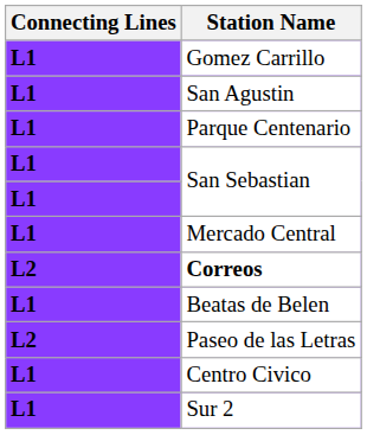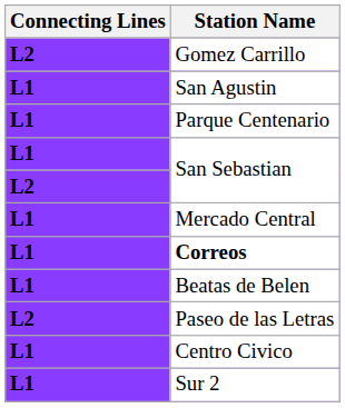 <table class="wikitable">
 <tr>
 <th>Connecting Lines</th>
 <th>Station Name</th>
 </tr>
 <tr style="background-color:#893BFF;">
-<td><strong>L1</strong></td>
+<td><strong>L2</strong></td>
 <td style="background-color:white;" rowspan="1">Gomez Carrillo</td>
 </tr>
 <tr style="background-color:#893BFF;">
 <td><strong>L1</strong></td>
 <td style="background-color:white;" rowspan="1">San Agustin</td>
 </tr>
 <tr style="background-color:#893BFF;">
 <td><strong>L1</strong></td>
 <td style="background-color:white;" rowspan="1">Parque Centenario</td>
 </tr>
 <tr style="background-color:#893BFF;">
 <td><strong>L1</strong></td>
 <td style="background-color:white;" rowspan="2">San Sebastian</td>
 </tr>
 <tr style="background-color:#893BFF;">
-<td><strong>L1</strong></td>
+<td><strong>L2</strong></td>
 </tr>
 <tr style="background-color:#893BFF;">
 <td><strong>L1</strong></td>
 <td style="background-color:white;" rowspan="1">Mercado Central</td>
 </tr>
 <tr style="background-color:#893BFF;">
-<td><strong>L2</strong></td>
+<td><strong>L1</strong></td>
 <td style="background-color:white;" rowspan="1"><strong>Correos</strong></td>
 </tr>
 <tr style="background-color:#893BFF;">
 <td><strong>L1</strong></td>
 <td style="background-color:white;" rowspan="1">Beatas de Belen</td>
 </tr>
 <tr style="background-color:#893BFF;">
 <td><strong>L2</strong></td>
 <td style="background-color:white;">Paseo de las Letras</td>
 </tr>
 <tr style="background-color:#893BFF;">
 <td><strong>L1</strong></td>
 <td rowspan="1" style="background-color:white;">Centro Civico</td>
 </tr>
 <tr style="background-color:#893BFF;">
 <td><strong>L1</strong></td>
 <td style="background-color:white;">Sur 2</td>
 </tr>
 </table>
